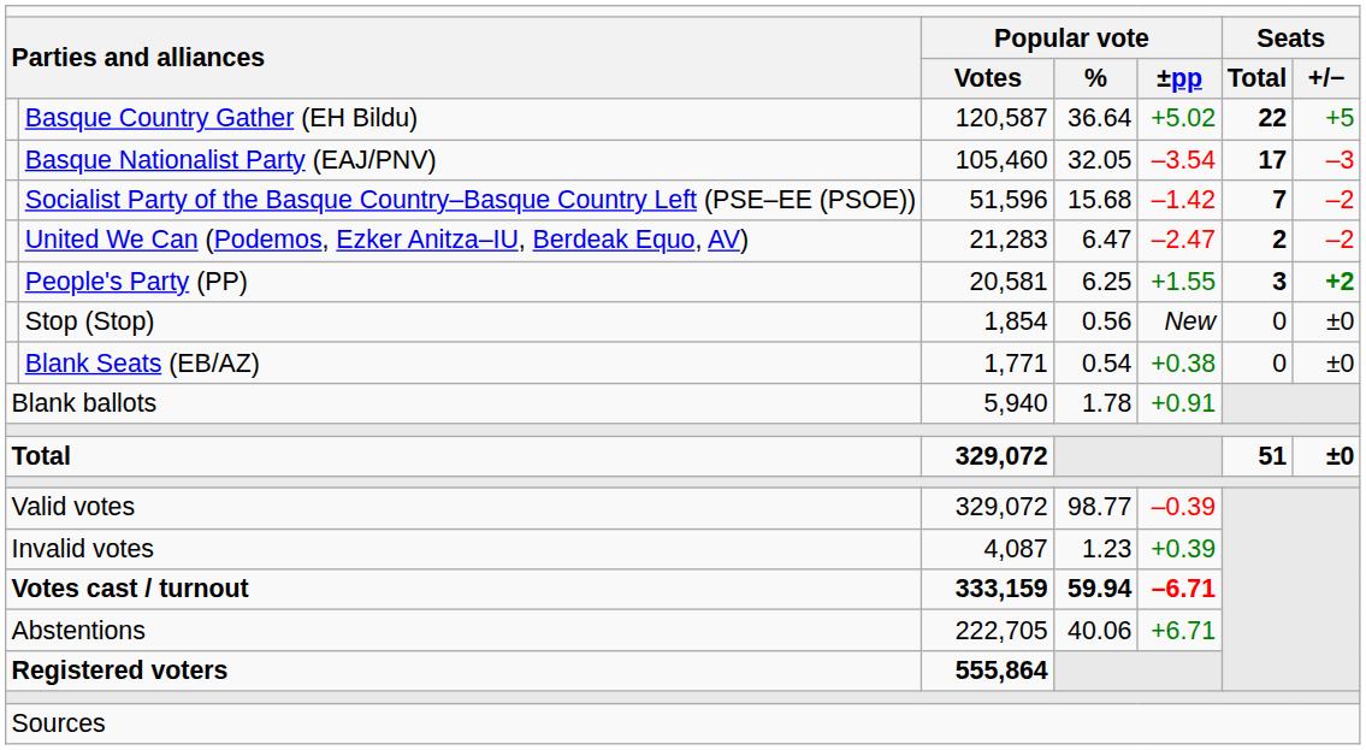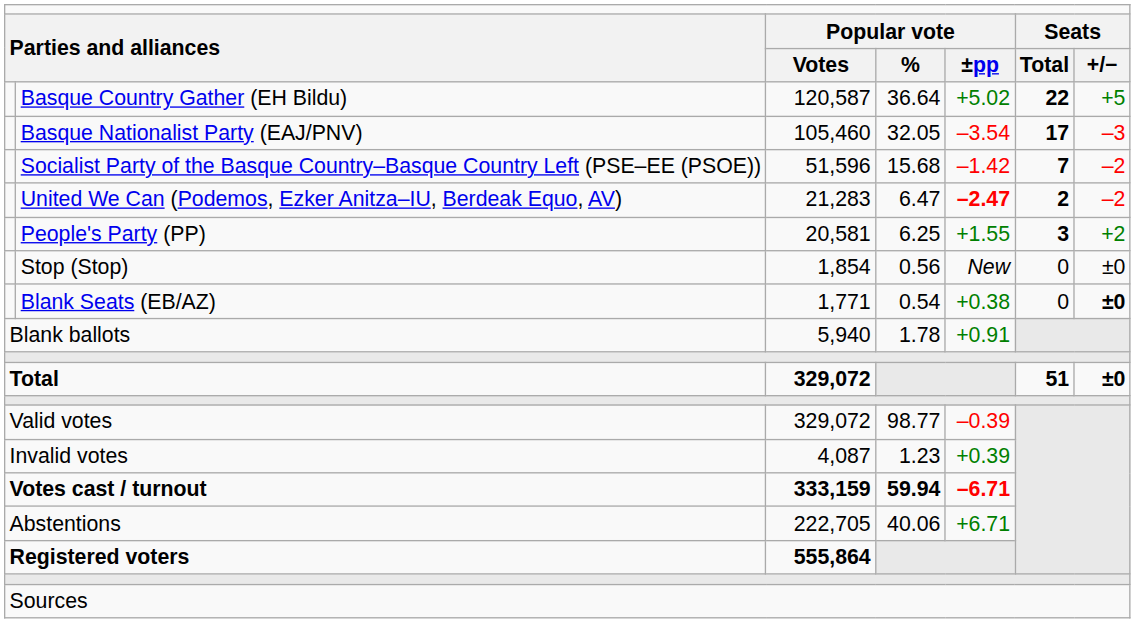 <table class="wikitable" style="text-align:right;">
 <tr>
 <td colspan="7"></td>
 </tr>
 <tr>
 <th style="text-align:left;" rowspan="2" colspan="2" width="525">Parties and alliances</th>
 <th colspan="3">Popular vote</th>
 <th colspan="2">Seats</th>
 </tr>
 <tr>
 <th width="75">Votes</th>
 <th width="45">%</th>
 <th width="45">±<a href='#'>pp</a></th>
 <th width="35">Total</th>
 <th width="35">+/−</th>
 </tr>
 <tr>
 <td width="1" style="color:inherit;background:"></td>
 <td align="left"><a href='#'>Basque Country Gather</a> (EH Bildu)</td>
 <td>120,587</td>
 <td>36.64</td>
 <td style="color:green;">+5.02</td>
 <td><strong>22</strong></td>
 <td style="color:green;">+5</td>
 </tr>
 <tr>
 <td style="color:inherit;background:"></td>
 <td align="left"><a href='#'>Basque Nationalist Party</a> (EAJ/PNV)</td>
 <td>105,460</td>
 <td>32.05</td>
 <td style="color:red;">–3.54</td>
 <td><strong>17</strong></td>
 <td style="color:red;">–3</td>
 </tr>
 <tr>
 <td style="color:inherit;background:"></td>
 <td align="left"><a href='#'>Socialist Party of the Basque Country–Basque Country Left</a> (PSE–EE (PSOE))</td>
 <td>51,596</td>
 <td>15.68</td>
 <td style="color:red;">–1.42</td>
 <td><strong>7</strong></td>
 <td style="color:red;">–2</td>
 </tr>
 <tr>
 <td style="color:inherit;background:"></td>
 <td align="left"><a href='#'>United We Can</a> (<a href='#'>Podemos</a>, <a href='#'>Ezker Anitza–IU</a>, <a href='#'>Berdeak Equo</a>, <a href='#'>AV</a>)</td>
 <td>21,283</td>
 <td>6.47</td>
-<td style="color:red;">–2.47</td>
+<td style="color:red;"><strong>–2.47</strong></td>
 <td><strong>2</strong></td>
 <td style="color:red;">–2</td>
 </tr>
 <tr>
 <td style="color:inherit;background:"></td>
 <td align="left"><a href='#'>People's Party</a> (PP)</td>
 <td>20,581</td>
 <td>6.25</td>
 <td style="color:green;">+1.55</td>
 <td><strong>3</strong></td>
-<td style="color:green;"><strong>+2</strong></td>
+<td style="color:green;">+2</td>
 </tr>
 <tr>
 <td style="color:inherit;background:"></td>
 <td align="left">Stop (Stop)</td>
 <td>1,854</td>
 <td>0.56</td>
 <td><em>New</em></td>
 <td>0</td>
 <td>±0</td>
 </tr>
 <tr>
 <td style="color:inherit;background:"></td>
 <td align="left"><a href='#'>Blank Seats</a> (EB/AZ)</td>
 <td>1,771</td>
 <td>0.54</td>
 <td style="color:green;">+0.38</td>
 <td>0</td>
-<td>±0</td>
+<td><strong>±0</strong></td>
 </tr>
 <tr>
 <td align="left" colspan="2">Blank ballots</td>
 <td>5,940</td>
 <td>1.78</td>
 <td style="color:green;">+0.91</td>
 <td bgcolor="#E9E9E9" colspan="2"></td>
 </tr>
 <tr>
 <td colspan="7" bgcolor="#E9E9E9"></td>
 </tr>
 <tr style="font-weight:bold;">
 <td align="left" colspan="2">Total</td>
 <td>329,072</td>
 <td bgcolor="#E9E9E9" colspan="2"></td>
 <td>51</td>
 <td>±0</td>
 </tr>
 <tr>
 <td colspan="7" bgcolor="#E9E9E9"></td>
 </tr>
 <tr>
 <td align="left" colspan="2">Valid votes</td>
 <td>329,072</td>
 <td>98.77</td>
 <td style="color:red;">–0.39</td>
 <td bgcolor="#E9E9E9" colspan="2" rowspan="5"></td>
 </tr>
 <tr>
 <td align="left" colspan="2">Invalid votes</td>
 <td>4,087</td>
 <td>1.23</td>
 <td style="color:green;">+0.39</td>
 </tr>
 <tr style="font-weight:bold;">
 <td align="left" colspan="2">Votes cast / turnout</td>
 <td>333,159</td>
 <td>59.94</td>
 <td style="color:red;">–6.71</td>
 </tr>
 <tr>
 <td align="left" colspan="2">Abstentions</td>
 <td>222,705</td>
 <td>40.06</td>
 <td style="color:green;">+6.71</td>
 </tr>
 <tr style="font-weight:bold;">
 <td align="left" colspan="2">Registered voters</td>
 <td>555,864</td>
 <td bgcolor="#E9E9E9" colspan="2"></td>
 </tr>
 <tr>
 <td colspan="7" bgcolor="#E9E9E9"></td>
 </tr>
 <tr>
 <td align="left" colspan="7">Sources</td>
 </tr>
 </table>
